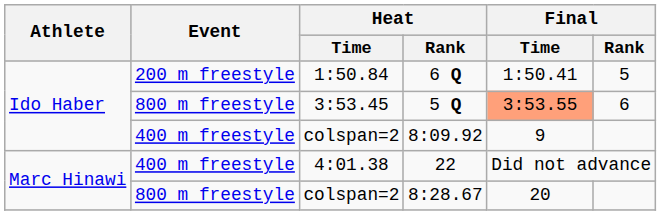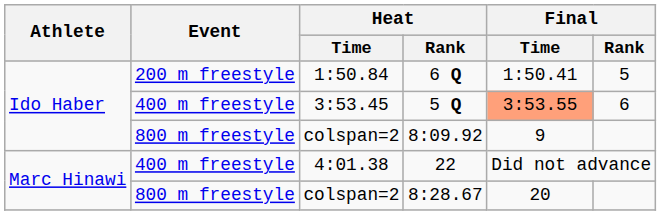 <table class=wikitable style="font-size:90%">
 <tr>
 <th rowspan=2>Athlete</th>
 <th rowspan=2>Event</th>
 <th colspan="2">Heat</th>
 <th colspan="2">Final</th>
 </tr>
 <tr style="font-size:95%">
 <th>Time</th>
 <th>Rank</th>
 <th>Time</th>
 <th>Rank</th>
 </tr>
 <tr align=center>
 <td align=left rowspan=3><a href='#'>Ido Haber</a></td>
 <td align=left><a href='#'>200 m freestyle</a></td>
 <td>1:50.84</td>
 <td>6 <strong>Q</strong></td>
 <td>1:50.41</td>
 <td>5</td>
 </tr>
 <tr align=center>
-<td align=left><a href='#'>800 m freestyle</a></td>
+<td align=left><a href='#'>400 m freestyle</a></td>
 <td>3:53.45</td>
 <td>5 <strong>Q</strong></td>
 <td style="background: lightsalmon;">3:53.55</td>
 <td>6</td>
 </tr>
 <tr align=center>
-<td align=left><a href='#'>400 m freestyle</a></td>
+<td align=left><a href='#'>800 m freestyle</a></td>
 <td>colspan=2 </td>
 <td>8:09.92</td>
 <td>9</td>
 </tr>
 <tr align="center">
 <td align=left rowspan=2><a href='#'>Marc Hinawi</a></td>
 <td align=left><a href='#'>400 m freestyle</a></td>
 <td>4:01.38</td>
 <td>22</td>
 <td colspan="2">Did not advance</td>
 </tr>
 <tr align=center>
 <td align=left><a href='#'>800 m freestyle</a></td>
 <td>colspan=2 </td>
 <td>8:28.67</td>
 <td>20</td>
 </tr>
 </table>
